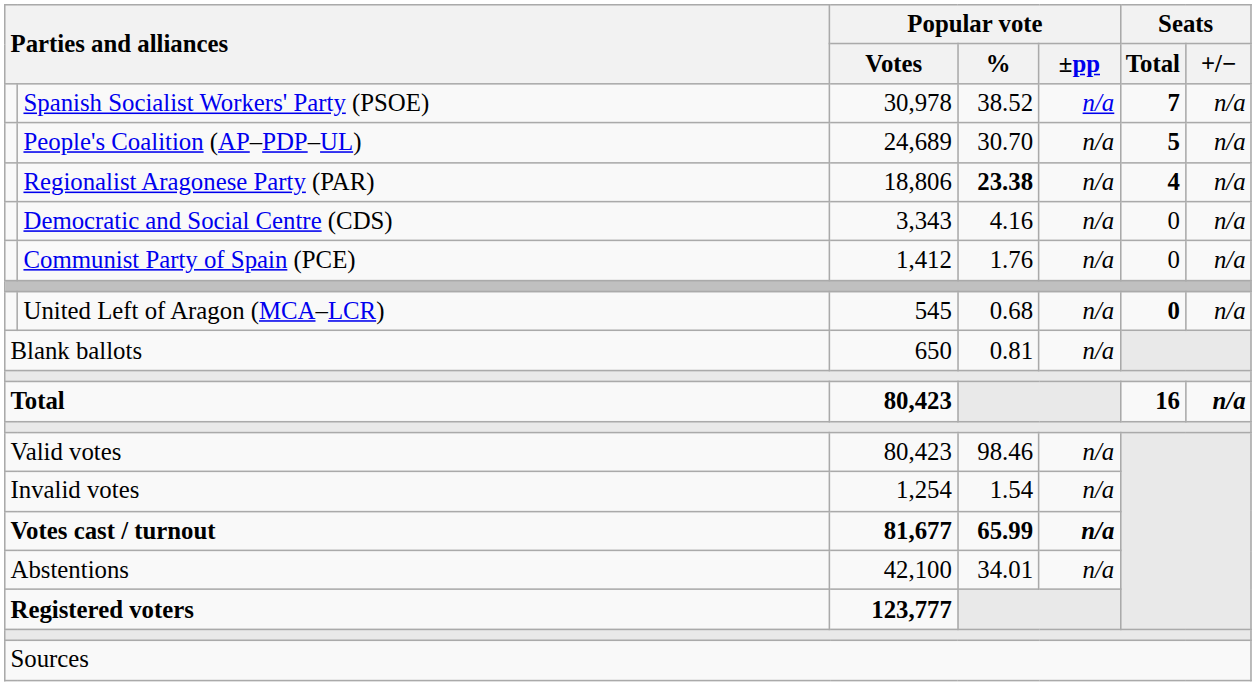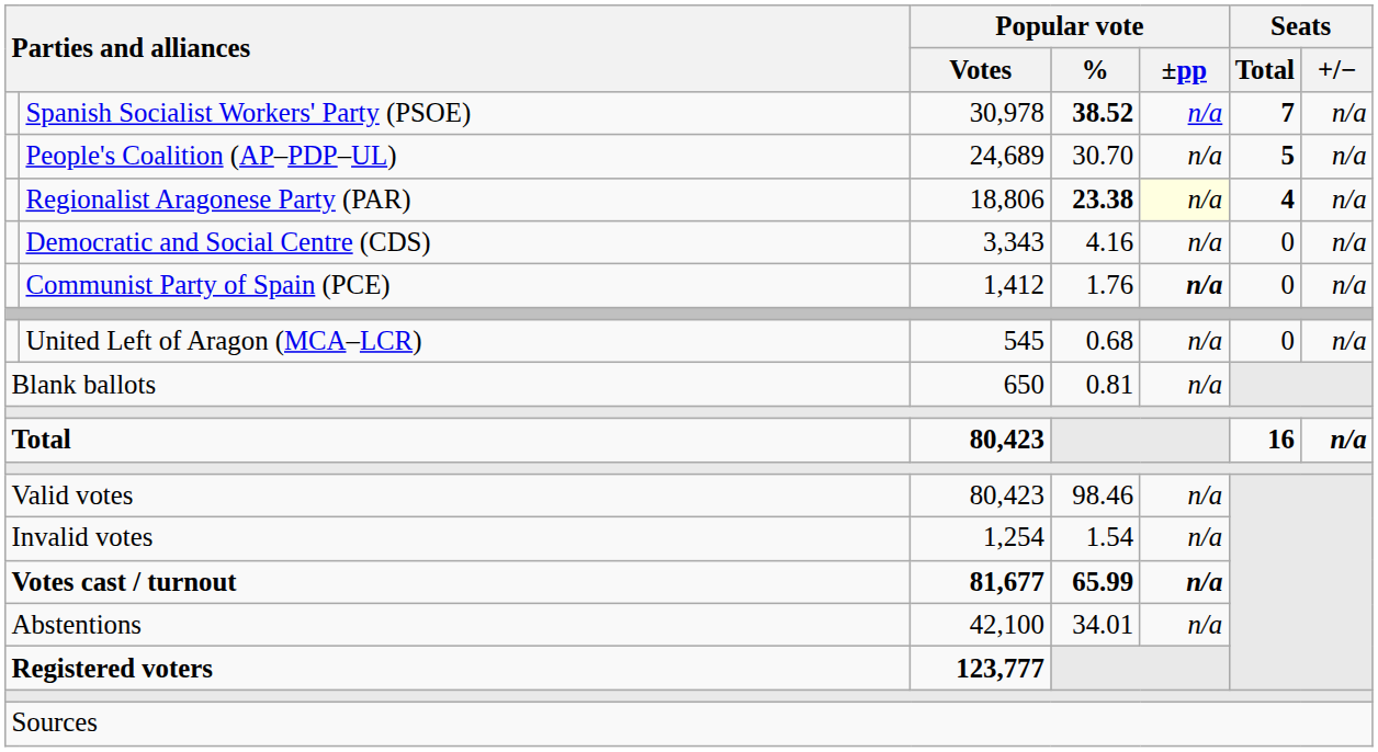 <table class="wikitable" style="text-align:right;">
 <tr>
 <th style="text-align:left;" rowspan="2" colspan="2" width="525">Parties and alliances</th>
 <th colspan="3">Popular vote</th>
 <th colspan="2">Seats</th>
 </tr>
 <tr>
 <th width="75">Votes</th>
 <th width="45">%</th>
 <th width="45">±<a href='#'>pp</a></th>
 <th width="35">Total</th>
 <th width="35">+/−</th>
 </tr>
 <tr>
 <td width="1" style="color:inherit;background:"></td>
 <td align="left"><a href='#'>Spanish Socialist Workers' Party</a> (PSOE)</td>
 <td>30,978</td>
-<td>38.52</td>
+<td><strong>38.52</strong></td>
 <td><em><a href='#'>n/a</a></em></td>
 <td><strong>7</strong></td>
 <td><em>n/a</em></td>
 </tr>
 <tr>
 <td style="color:inherit;background:"></td>
 <td align="left"><a href='#'>People's Coalition</a> (<a href='#'>AP</a>–<a href='#'>PDP</a>–<a href='#'>UL</a>)</td>
 <td>24,689</td>
 <td>30.70</td>
 <td><em>n/a</em></td>
 <td><strong>5</strong></td>
 <td><em>n/a</em></td>
 </tr>
 <tr>
 <td style="color:inherit;background:"></td>
 <td align="left"><a href='#'>Regionalist Aragonese Party</a> (PAR)</td>
 <td>18,806</td>
 <td><strong>23.38</strong></td>
-<td><em>n/a</em></td>
+<td style="background: lightyellow;"><em>n/a</em></td>
 <td><strong>4</strong></td>
 <td><em>n/a</em></td>
 </tr>
 <tr>
 <td style="color:inherit;background:"></td>
 <td align="left"><a href='#'>Democratic and Social Centre</a> (CDS)</td>
 <td>3,343</td>
 <td>4.16</td>
 <td><em>n/a</em></td>
 <td>0</td>
 <td><em>n/a</em></td>
 </tr>
 <tr>
 <td style="color:inherit;background:"></td>
 <td align="left"><a href='#'>Communist Party of Spain</a> (PCE)</td>
 <td>1,412</td>
 <td>1.76</td>
-<td><em>n/a</em></td>
+<td><strong><em>n/a</em></strong></td>
 <td>0</td>
 <td><em>n/a</em></td>
 </tr>
 <tr>
 <td colspan="7" bgcolor="#C0C0C0"></td>
 </tr>
 <tr>
 <td style="color:inherit;background:"></td>
 <td align="left">United Left of Aragon (<a href='#'>MCA</a>–<a href='#'>LCR</a>)</td>
 <td>545</td>
 <td>0.68</td>
 <td><em>n/a</em></td>
-<td><strong>0</strong></td>
+<td>0</td>
 <td><em>n/a</em></td>
 </tr>
 <tr>
 <td align="left" colspan="2">Blank ballots</td>
 <td>650</td>
 <td>0.81</td>
 <td><em>n/a</em></td>
 <td bgcolor="#E9E9E9" colspan="2"></td>
 </tr>
 <tr>
 <td colspan="7" bgcolor="#E9E9E9"></td>
 </tr>
 <tr style="font-weight:bold;">
 <td align="left" colspan="2">Total</td>
 <td>80,423</td>
 <td bgcolor="#E9E9E9" colspan="2"></td>
 <td>16</td>
 <td><em>n/a</em></td>
 </tr>
 <tr>
 <td colspan="7" bgcolor="#E9E9E9"></td>
 </tr>
 <tr>
 <td align="left" colspan="2">Valid votes</td>
 <td>80,423</td>
 <td>98.46</td>
 <td><em>n/a</em></td>
 <td bgcolor="#E9E9E9" colspan="2" rowspan="5"></td>
 </tr>
 <tr>
 <td align="left" colspan="2">Invalid votes</td>
 <td>1,254</td>
 <td>1.54</td>
 <td><em>n/a</em></td>
 </tr>
 <tr style="font-weight:bold;">
 <td align="left" colspan="2">Votes cast / turnout</td>
 <td>81,677</td>
 <td>65.99</td>
 <td><em>n/a</em></td>
 </tr>
 <tr>
 <td align="left" colspan="2">Abstentions</td>
 <td>42,100</td>
 <td>34.01</td>
 <td><em>n/a</em></td>
 </tr>
 <tr style="font-weight:bold;">
 <td align="left" colspan="2">Registered voters</td>
 <td>123,777</td>
 <td bgcolor="#E9E9E9" colspan="2"></td>
 </tr>
 <tr>
 <td colspan="7" bgcolor="#E9E9E9"></td>
 </tr>
 <tr>
 <td align="left" colspan="7">Sources</td>
 </tr>
 </table>
